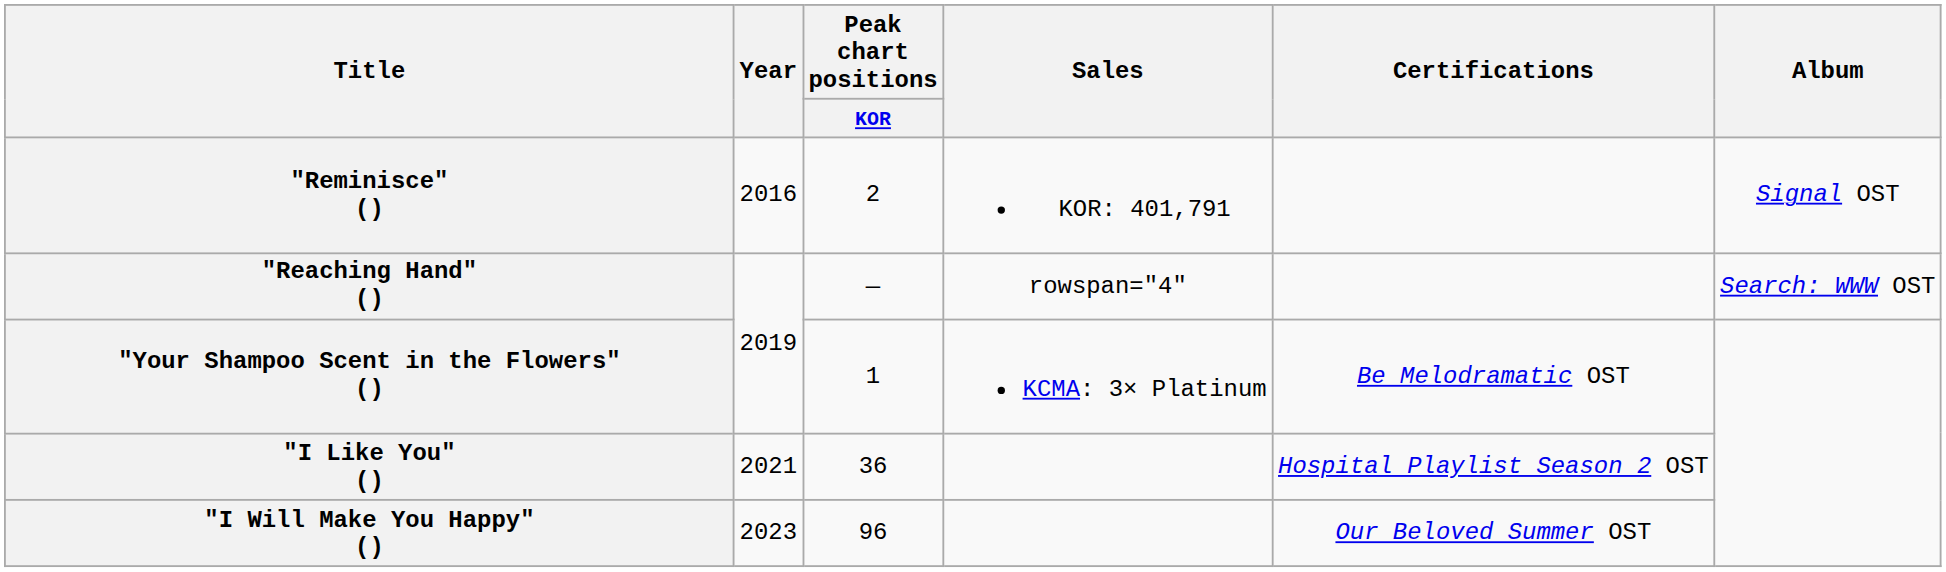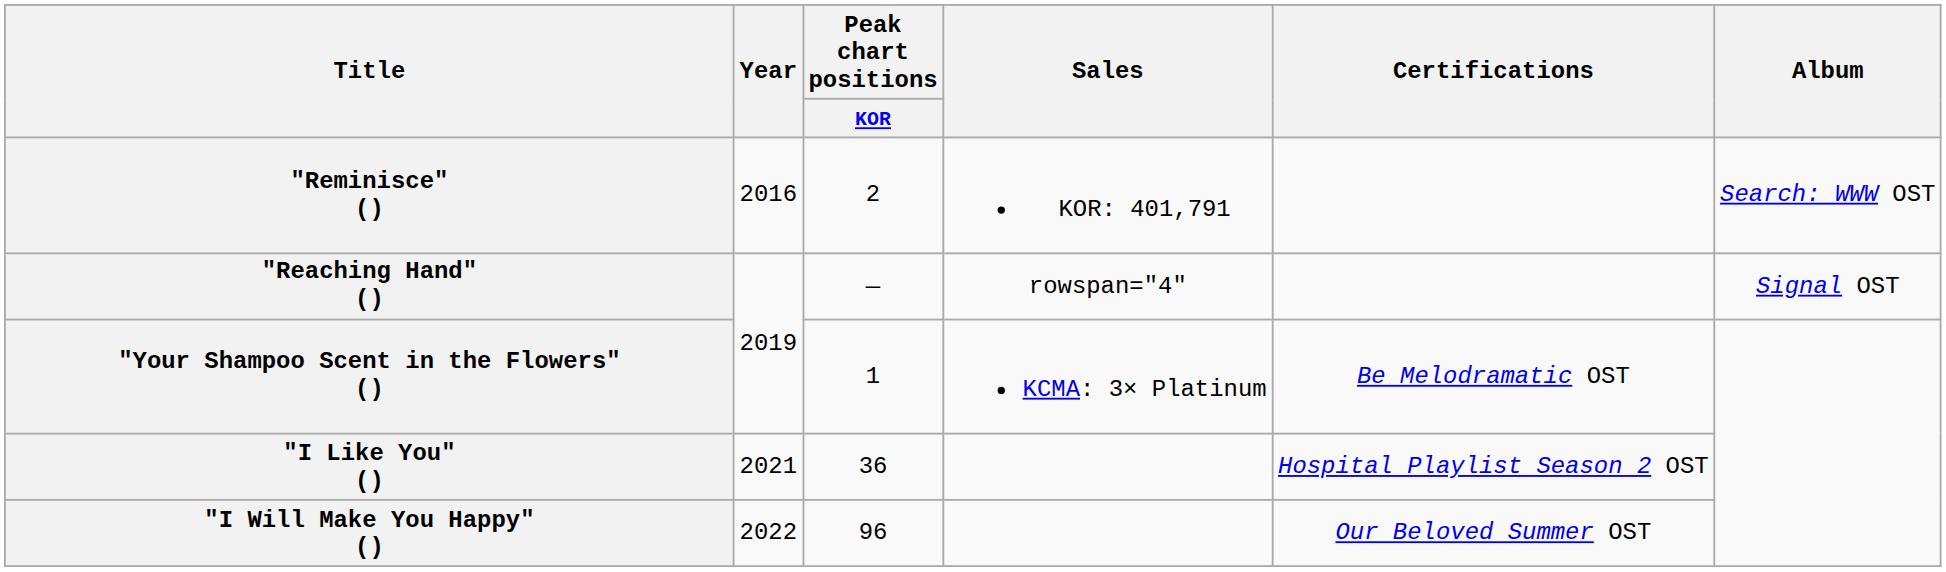 <table class="wikitable plainrowheaders" style="text-align:center">
 <tr>
 <th scope="col" rowspan="2" style="width:30em;">Title</th>
 <th scope="col" rowspan="2">Year</th>
 <th scope="col" colspan="1" style="width:5em;">Peak chart positions</th>
 <th scope="col" rowspan="2">Sales</th>
 <th scope="col" rowspan="2">Certifications</th>
 <th scope="col" rowspan="2">Album</th>
 </tr>
 <tr>
 <th><small><a href='#'>KOR</a></small><br></th>
 </tr>
 <tr>
 <th scope="row">"Reminisce"<br>()</th>
 <td>2016</td>
 <td>2</td>
 <td><br><ul><li>KOR: 401,791</li></ul></td>
 <td></td>
-<td><em><a href='#'>Signal</a></em> OST</td>
+<td><em><a href='#'>Search: WWW</a></em> OST</td>
 </tr>
 <tr>
 <th scope="row">"Reaching Hand"<br>()</th>
 <td rowspan="2">2019</td>
 <td>—</td>
 <td>rowspan="4" </td>
 <td></td>
-<td><em><a href='#'>Search: WWW</a></em> OST</td>
+<td><em><a href='#'>Signal</a></em> OST</td>
 </tr>
 <tr>
 <th scope="row">"Your Shampoo Scent in the Flowers"<br>()</th>
 <td>1</td>
 <td><br><ul><li><a href='#'>KCMA</a>: 3× Platinum</li></ul></td>
 <td><em><a href='#'>Be Melodramatic</a></em> OST</td>
 </tr>
 <tr>
 <th scope="row">"I Like You"<br>()</th>
 <td>2021</td>
 <td>36</td>
 <td></td>
 <td><em><a href='#'>Hospital Playlist Season 2</a></em> OST</td>
 </tr>
 <tr>
 <th scope="row">"I Will Make You Happy"<br>()</th>
-<td>2023</td>
+<td>2022</td>
 <td>96</td>
 <td></td>
 <td><em><a href='#'>Our Beloved Summer</a></em> OST</td>
 </tr>
 </table>
